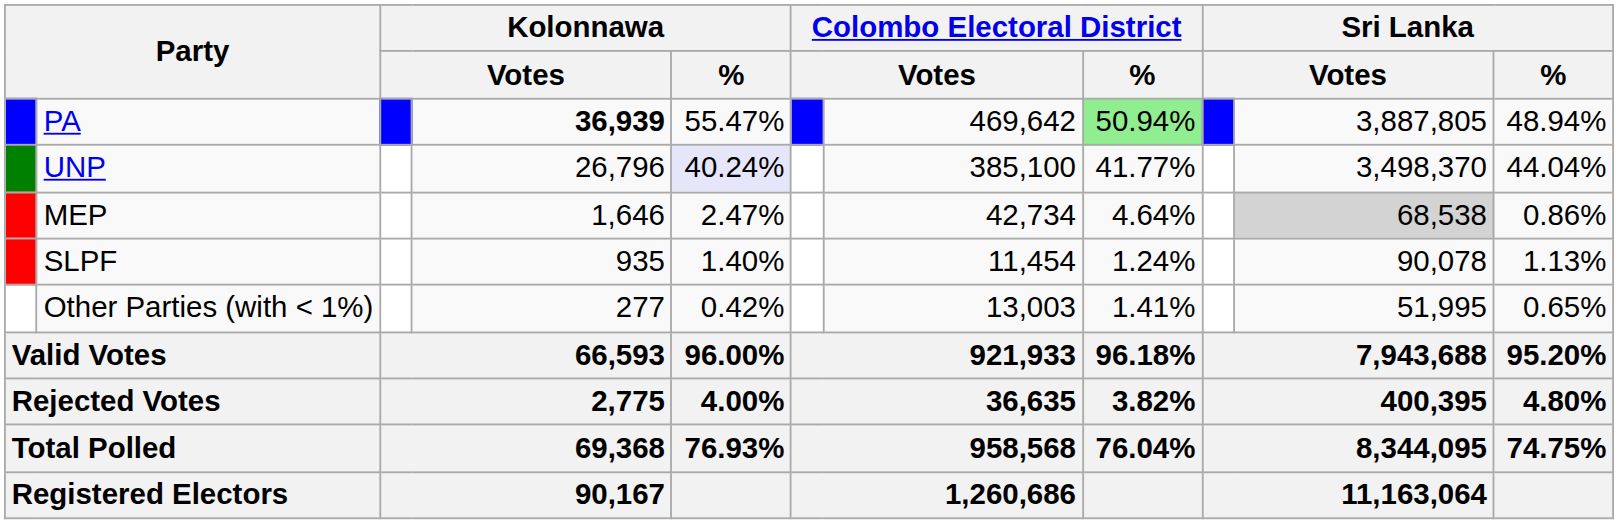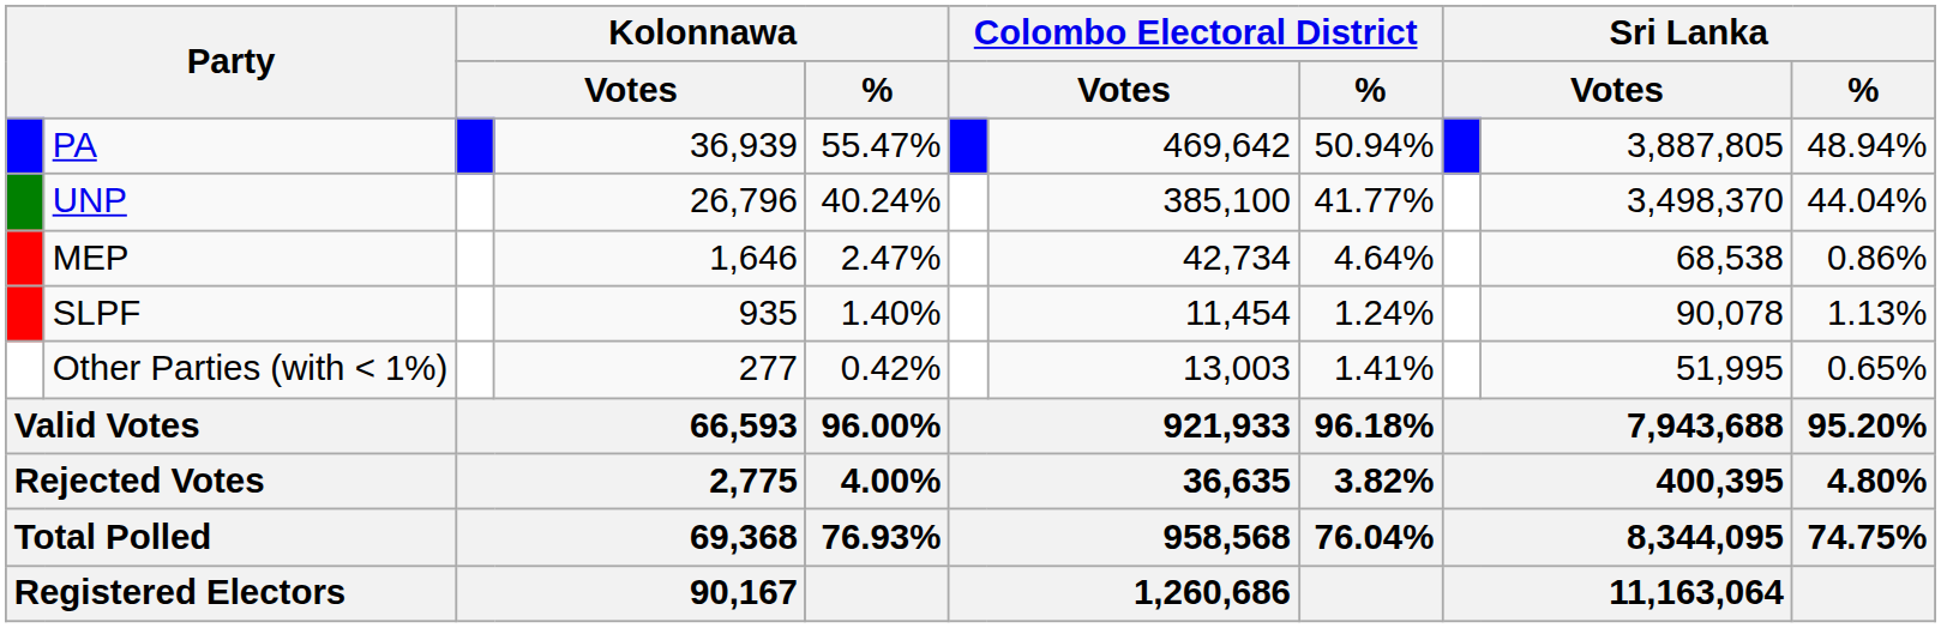 <table class="wikitable">
 <tr>
 <th colspan="2" width="144px"rowspan="2">Party</th>
 <th colspan="3" width="216px">Kolonnawa</th>
 <th colspan="3" width="216px"><a href='#'>Colombo Electoral District</a></th>
 <th colspan="3" width="216px">Sri Lanka</th>
 </tr>
 <tr>
 <th colspan="2" width="144px">Votes</th>
 <th>%</th>
 <th colspan="2" width="144px">Votes</th>
 <th>%</th>
 <th colspan="2" width="144px">Votes</th>
 <th>%</th>
 </tr>
 <tr>
 <td style="background-color:blue;" width="10px"></td>
 <td style="text-align:left;"><a href='#'>PA</a></td>
 <td style="background-color:blue;" width="10px"></td>
-<td style="text-align:right;"><strong>36,939</strong></td>
+<td style="text-align:right;">36,939</td>
 <td style="text-align:right;">55.47%</td>
 <td style="background-color:blue;" width="10px"></td>
 <td style="text-align:right;">469,642</td>
-<td style="background: lightgreen; text-align:right;">50.94%</td>
+<td style="text-align:right;">50.94%</td>
 <td style="background-color:blue;" width="10px"></td>
 <td style="text-align:right;">3,887,805</td>
 <td style="text-align:right;">48.94%</td>
 </tr>
 <tr>
 <td style="background-color:green;" width="10px"></td>
 <td style="text-align:left;"><a href='#'>UNP</a></td>
 <td style="background-color:white;" width="10px"></td>
 <td style="text-align:right;">26,796</td>
-<td style="background: lavender; text-align:right;">40.24%</td>
+<td style="text-align:right;">40.24%</td>
 <td style="background-color:white;" width="10px"></td>
 <td style="text-align:right;">385,100</td>
 <td style="text-align:right;">41.77%</td>
 <td style="background-color:white;" width="10px"></td>
 <td style="text-align:right;">3,498,370</td>
 <td style="text-align:right;">44.04%</td>
 </tr>
 <tr>
 <td style="background-color:red;" width="10px"></td>
 <td style="text-align:left;">MEP</td>
 <td style="background-color:white;" width="10px"></td>
 <td style="text-align:right;">1,646</td>
 <td style="text-align:right;">2.47%</td>
 <td style="background-color:white;" width="10px"></td>
 <td style="text-align:right;">42,734</td>
 <td style="text-align:right;">4.64%</td>
 <td style="background-color:white;" width="10px"></td>
-<td style="background: lightgrey; text-align:right;">68,538</td>
+<td style="text-align:right;">68,538</td>
 <td style="text-align:right;">0.86%</td>
 </tr>
 <tr>
 <td style="background-color:red;" width="10px"></td>
 <td style="text-align:left;">SLPF</td>
 <td style="background-color:white;" width="10px"></td>
 <td style="text-align:right;">935</td>
 <td style="text-align:right;">1.40%</td>
 <td style="background-color:white;" width="10px"></td>
 <td style="text-align:right;">11,454</td>
 <td style="text-align:right;">1.24%</td>
 <td style="background-color:white;" width="10px"></td>
 <td style="text-align:right;">90,078</td>
 <td style="text-align:right;">1.13%</td>
 </tr>
 <tr>
 <td style="background-color:white;" width="10px"></td>
 <td style="text-align:left;">Other Parties (with < 1%)</td>
 <td style="background-color:white;" width="10px"></td>
 <td style="text-align:right;">277</td>
 <td style="text-align:right;">0.42%</td>
 <td style="background-color:white;" width="10px"></td>
 <td style="text-align:right;">13,003</td>
 <td style="text-align:right;">1.41%</td>
 <td style="background-color:white;" width="10px"></td>
 <td style="text-align:right;">51,995</td>
 <td style="text-align:right;">0.65%</td>
 </tr>
 <tr>
 <th colspan="2" width="144px"style="text-align:left;">Valid Votes</th>
 <th style="text-align:right;"colspan="2" width="144px">66,593</th>
 <th style="text-align:right;">96.00%</th>
 <th style="text-align:right;"colspan="2" width="144px">921,933</th>
 <th style="text-align:right;">96.18%</th>
 <th style="text-align:right;"colspan="2" width="144px">7,943,688</th>
 <th style="text-align:right;">95.20%</th>
 </tr>
 <tr>
 <th colspan="2" width="144px"style="text-align:left;">Rejected Votes</th>
 <th style="text-align:right;"colspan="2" width="144px">2,775</th>
 <th style="text-align:right;">4.00%</th>
 <th style="text-align:right;"colspan="2" width="144px">36,635</th>
 <th style="text-align:right;">3.82%</th>
 <th style="text-align:right;"colspan="2" width="144px">400,395</th>
 <th style="text-align:right;">4.80%</th>
 </tr>
 <tr>
 <th colspan="2" width="144px"style="text-align:left;">Total Polled</th>
 <th style="text-align:right;"colspan="2" width="144px">69,368</th>
 <th style="text-align:right;">76.93%</th>
 <th style="text-align:right;"colspan="2" width="144px">958,568</th>
 <th style="text-align:right;">76.04%</th>
 <th style="text-align:right;"colspan="2" width="144px">8,344,095</th>
 <th style="text-align:right;">74.75%</th>
 </tr>
 <tr>
 <th colspan="2" width="144px"style="text-align:left;">Registered Electors</th>
 <th style="text-align:right;"colspan="2" width="144px">90,167</th>
 <th></th>
 <th style="text-align:right;"colspan="2" width="144px">1,260,686</th>
 <th></th>
 <th style="text-align:right;"colspan="2" width="144px">11,163,064</th>
 <th></th>
 </tr>
 </table>
